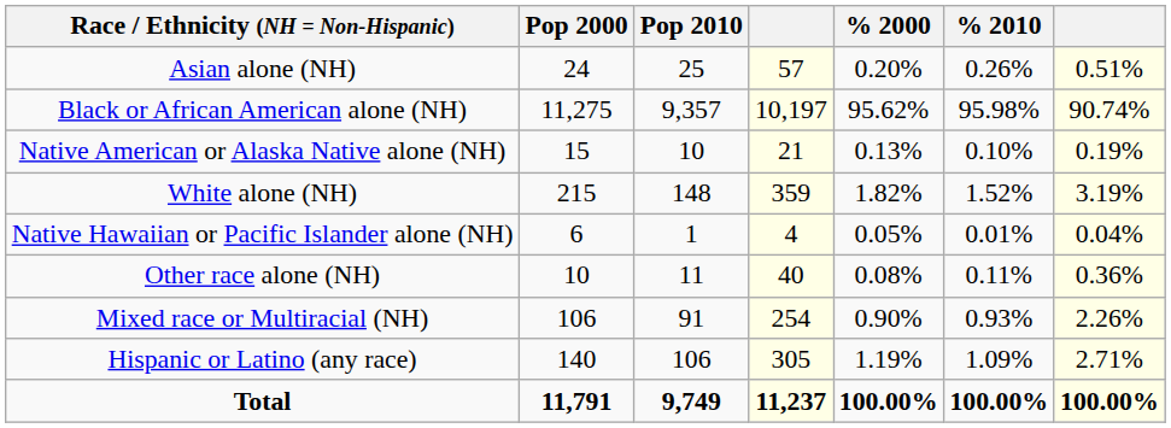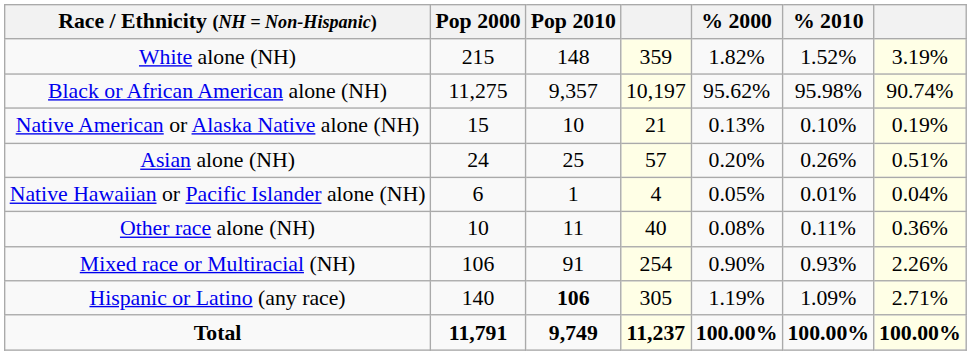 <table class="wikitable"  style="text-align:center;">
 <tr>
 <th>Race / Ethnicity <small>(<em>NH = Non-Hispanic</em>)</small></th>
 <th>Pop 2000</th>
 <th>Pop 2010</th>
 <th></th>
 <th>% 2000</th>
 <th>% 2010</th>
 <th></th>
 </tr>
 <tr>
-<td><a href='#'>Asian</a> alone (NH)</td>
-<td>24</td>
-<td>25</td>
-<td style='background: #ffffe6;'>57</td>
-<td>0.20%</td>
-<td>0.26%</td>
-<td style='background: #ffffe6;'>0.51%</td>
+<td><a href='#'>White</a> alone (NH)</td>
+<td>215</td>
+<td>148</td>
+<td style='background: #ffffe6;'>359</td>
+<td>1.82%</td>
+<td>1.52%</td>
+<td style='background: #ffffe6;'>3.19%</td>
 </tr>
 <tr>
 <td><a href='#'>Black or African American</a> alone (NH)</td>
 <td>11,275</td>
 <td>9,357</td>
 <td style='background: #ffffe6;'>10,197</td>
 <td>95.62%</td>
 <td>95.98%</td>
 <td style='background: #ffffe6;'>90.74%</td>
 </tr>
 <tr>
 <td><a href='#'>Native American</a> or <a href='#'>Alaska Native</a> alone (NH)</td>
 <td>15</td>
 <td>10</td>
 <td style='background: #ffffe6;'>21</td>
 <td>0.13%</td>
 <td>0.10%</td>
 <td style='background: #ffffe6;'>0.19%</td>
 </tr>
 <tr>
-<td><a href='#'>White</a> alone (NH)</td>
-<td>215</td>
-<td>148</td>
-<td style='background: #ffffe6;'>359</td>
-<td>1.82%</td>
-<td>1.52%</td>
-<td style='background: #ffffe6;'>3.19%</td>
+<td><a href='#'>Asian</a> alone (NH)</td>
+<td>24</td>
+<td>25</td>
+<td style='background: #ffffe6;'>57</td>
+<td>0.20%</td>
+<td>0.26%</td>
+<td style='background: #ffffe6;'>0.51%</td>
 </tr>
 <tr>
 <td><a href='#'>Native Hawaiian</a> or <a href='#'>Pacific Islander</a> alone (NH)</td>
 <td>6</td>
 <td>1</td>
 <td style='background: #ffffe6;'>4</td>
 <td>0.05%</td>
 <td>0.01%</td>
 <td style='background: #ffffe6;'>0.04%</td>
 </tr>
 <tr>
 <td><a href='#'>Other race</a> alone (NH)</td>
 <td>10</td>
 <td>11</td>
 <td style='background: #ffffe6;'>40</td>
 <td>0.08%</td>
 <td>0.11%</td>
 <td style='background: #ffffe6;'>0.36%</td>
 </tr>
 <tr>
 <td><a href='#'>Mixed race or Multiracial</a> (NH)</td>
 <td>106</td>
 <td>91</td>
 <td style='background: #ffffe6;'>254</td>
 <td>0.90%</td>
 <td>0.93%</td>
 <td style='background: #ffffe6;'>2.26%</td>
 </tr>
 <tr>
 <td><a href='#'>Hispanic or Latino</a> (any race)</td>
 <td>140</td>
-<td>106</td>
+<td><strong>106</strong></td>
 <td style='background: #ffffe6;'>305</td>
 <td>1.19%</td>
 <td>1.09%</td>
 <td style='background: #ffffe6;'>2.71%</td>
 </tr>
 <tr>
 <td><strong>Total</strong></td>
 <td><strong>11,791</strong></td>
 <td><strong>9,749</strong></td>
 <td style='background: #ffffe6;'><strong>11,237</strong></td>
 <td><strong>100.00%</strong></td>
 <td><strong>100.00%</strong></td>
 <td style='background: #ffffe6;'><strong>100.00%</strong></td>
 </tr>
 </table>
